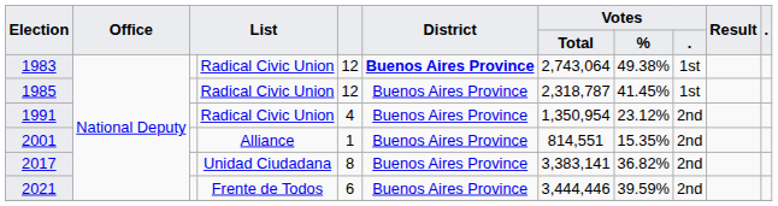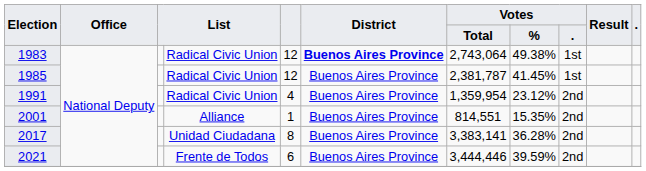 <table class="wikitable" style="font-size:90%; text-align:center;">
 <tr>
 <th style="background-color:#EAECF0;" rowspan=2>Election</th>
 <th style="background-color:#EAECF0;" rowspan=2>Office</th>
 <th style="background-color:#EAECF0;" colspan=2 rowspan=2>List</th>
 <th style="background-color:#EAECF0;" rowspan=2></th>
 <th style="background-color:#EAECF0;" rowspan=2>District</th>
 <th style="background-color:#EAECF0;" colspan=3>Votes</th>
 <th style="background-color:#EAECF0;" rowspan=2>Result</th>
 <th style="background-color:#EAECF0;" rowspan=2>.</th>
 </tr>
 <tr>
 <th style="background-color:#EAECF0;">Total</th>
 <th style="background-color:#EAECF0;">%</th>
 <th style="background-color:#EAECF0;">.</th>
 </tr>
 <tr>
 <td style="background-color:#EAECF0;"><a href='#'>1983</a></td>
 <td rowspan="6"><a href='#'>National Deputy</a></td>
 <td style="background-color:"></td>
 <td><a href='#'>Radical Civic Union</a></td>
 <td>12</td>
 <td><strong><a href='#'>Buenos Aires Province</a></strong></td>
 <td>2,743,064</td>
 <td>49.38%</td>
 <td>1st</td>
 <td></td>
 <td></td>
 </tr>
 <tr>
 <td style="background-color:#EAECF0;"><a href='#'>1985</a></td>
 <td style="background-color:"></td>
 <td><a href='#'>Radical Civic Union</a></td>
 <td>12</td>
 <td><a href='#'>Buenos Aires Province</a></td>
-<td>2,318,787</td>
+<td>2,381,787</td>
 <td>41.45%</td>
 <td>1st</td>
 <td></td>
 <td></td>
 </tr>
 <tr>
 <td style="background-color:#EAECF0;"><a href='#'>1991</a></td>
 <td style="background-color:"></td>
 <td><a href='#'>Radical Civic Union</a></td>
 <td>4</td>
 <td><a href='#'>Buenos Aires Province</a></td>
-<td>1,350,954</td>
+<td>1,359,954</td>
 <td>23.12%</td>
 <td>2nd</td>
 <td></td>
 <td></td>
 </tr>
 <tr>
 <td style="background-color:#EAECF0;"><a href='#'>2001</a></td>
 <td style="background-color:"></td>
 <td><a href='#'>Alliance</a></td>
 <td>1</td>
 <td><a href='#'>Buenos Aires Province</a></td>
 <td>814,551</td>
 <td>15.35%</td>
 <td>2nd</td>
 <td></td>
 <td></td>
 </tr>
 <tr>
 <td style="background-color:#EAECF0;"><a href='#'>2017</a></td>
 <td style="background-color:"></td>
 <td><a href='#'>Unidad Ciudadana</a></td>
 <td>8</td>
 <td><a href='#'>Buenos Aires Province</a></td>
 <td>3,383,141</td>
-<td>36.82%</td>
+<td>36.28%</td>
 <td>2nd</td>
 <td></td>
 <td></td>
 </tr>
 <tr>
 <td style="background-color:#EAECF0;"><a href='#'>2021</a></td>
 <td style="background-color:"></td>
 <td><a href='#'>Frente de Todos</a></td>
 <td>6</td>
 <td><a href='#'>Buenos Aires Province</a></td>
 <td>3,444,446</td>
 <td>39.59%</td>
 <td>2nd</td>
 <td></td>
 <td></td>
 </tr>
 <tr>
 </tr>
 </table>
